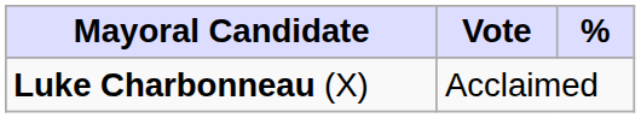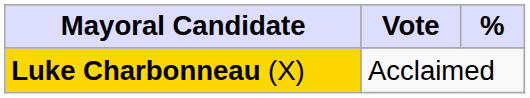 <table class="wikitable">
 <tr>
 <th style="background:#ddf; width:200px;">Mayoral Candidate</th>
 <th style="background:#ddf; width:50px;">Vote</th>
 <th style="background:#ddf; width:30px;">%</th>
 </tr>
 <tr>
-<td><strong>Luke Charbonneau</strong> (X)</td>
+<td style="background: gold;"><strong>Luke Charbonneau</strong> (X)</td>
 <td colspan="2">Acclaimed</td>
 </tr>
 </table>
